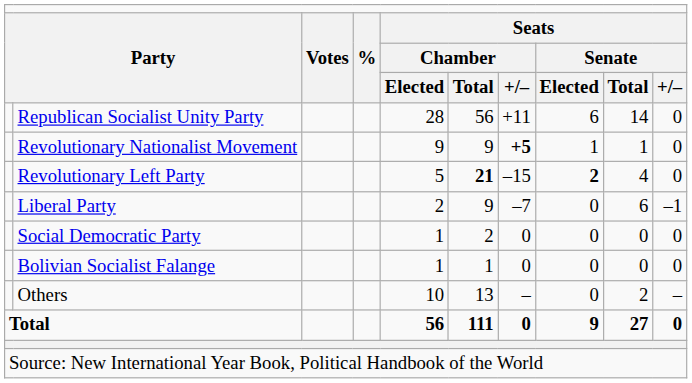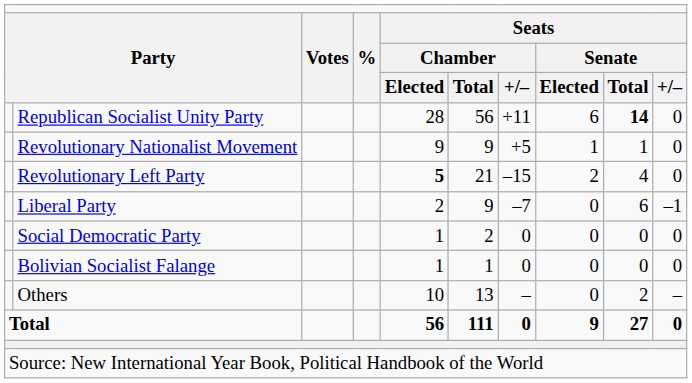 <table class="wikitable sortable" style=text-align:right>
 <tr>
 <td colspan=10></td>
 </tr>
 <tr>
 <th rowspan=3 colspan=2>Party</th>
 <th rowspan=3>Votes</th>
 <th rowspan=3>%</th>
 <th colspan=6>Seats</th>
 </tr>
 <tr>
 <th colspan=3>Chamber</th>
 <th colspan=3>Senate</th>
 </tr>
 <tr>
 <th>Elected</th>
 <th>Total</th>
 <th>+/–</th>
 <th>Elected</th>
 <th>Total</th>
 <th>+/–</th>
 </tr>
 <tr>
 <td bgcolor=></td>
 <td align=left><a href='#'>Republican Socialist Unity Party</a></td>
 <td></td>
 <td></td>
 <td>28</td>
 <td>56</td>
 <td>+11</td>
 <td>6</td>
-<td>14</td>
+<td><strong>14</strong></td>
 <td>0</td>
 </tr>
 <tr>
 <td bgcolor=></td>
 <td align=left><a href='#'>Revolutionary Nationalist Movement</a></td>
 <td></td>
 <td></td>
 <td>9</td>
 <td>9</td>
-<td><strong>+5</strong></td>
+<td>+5</td>
 <td>1</td>
 <td>1</td>
 <td>0</td>
 </tr>
 <tr>
 <td bgcolor=></td>
 <td align=left><a href='#'>Revolutionary Left Party</a></td>
 <td></td>
 <td></td>
-<td>5</td>
-<td><strong>21</strong></td>
+<td><strong>5</strong></td>
+<td>21</td>
 <td>–15</td>
-<td><strong>2</strong></td>
+<td>2</td>
 <td>4</td>
 <td>0</td>
 </tr>
 <tr>
 <td bgcolor=></td>
 <td align=left><a href='#'>Liberal Party</a></td>
 <td></td>
 <td></td>
 <td>2</td>
 <td>9</td>
 <td>–7</td>
 <td>0</td>
 <td>6</td>
 <td>–1</td>
 </tr>
 <tr>
 <td bgcolor=></td>
 <td align=left><a href='#'>Social Democratic Party</a></td>
 <td></td>
 <td></td>
 <td>1</td>
 <td>2</td>
 <td>0</td>
 <td>0</td>
 <td>0</td>
 <td>0</td>
 </tr>
 <tr>
 <td bgcolor=></td>
 <td align=left><a href='#'>Bolivian Socialist Falange</a></td>
 <td></td>
 <td></td>
 <td>1</td>
 <td>1</td>
 <td>0</td>
 <td>0</td>
 <td>0</td>
 <td>0</td>
 </tr>
 <tr>
 <td></td>
 <td align=left>Others</td>
 <td></td>
 <td></td>
 <td>10</td>
 <td>13</td>
 <td>–</td>
 <td>0</td>
 <td>2</td>
 <td>–</td>
 </tr>
 <tr class=sortbottom>
 <td align=left colspan=2><strong>Total</strong></td>
 <td></td>
 <td></td>
 <td><strong>56</strong></td>
 <td><strong>111</strong></td>
 <td><strong>0</strong></td>
 <td><strong>9</strong></td>
 <td><strong>27</strong></td>
 <td><strong>0</strong></td>
 </tr>
 <tr class=sortbottom>
 <th colspan=10></th>
 </tr>
 <tr class=sortbottom>
 <td align=left colspan=10>Source: New International Year Book, Political Handbook of the World</td>
 </tr>
 </table>
